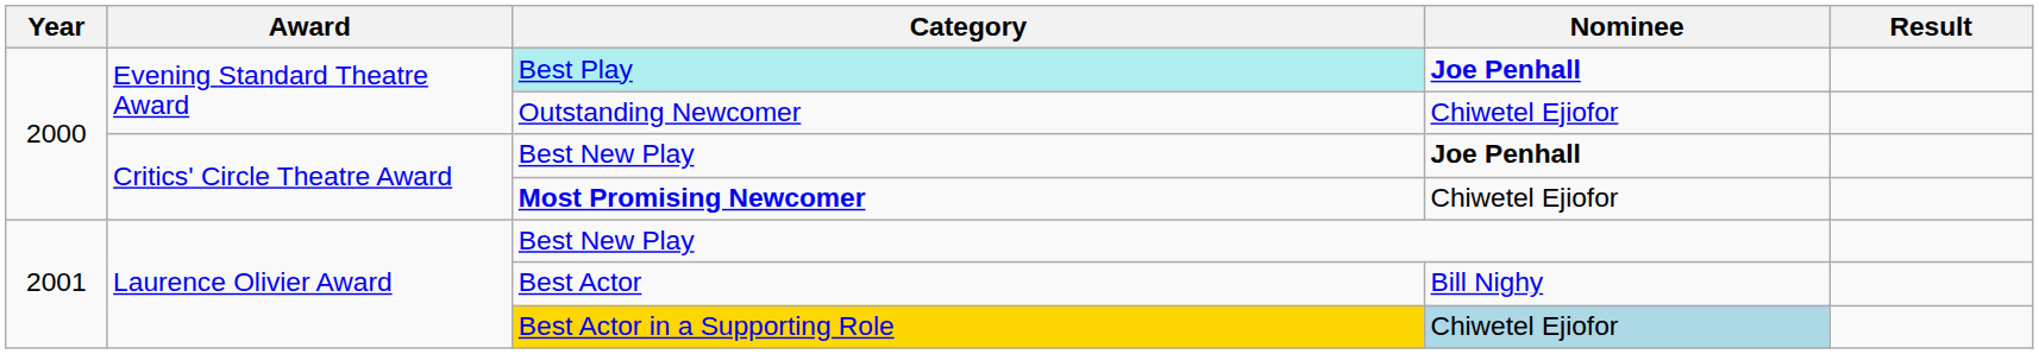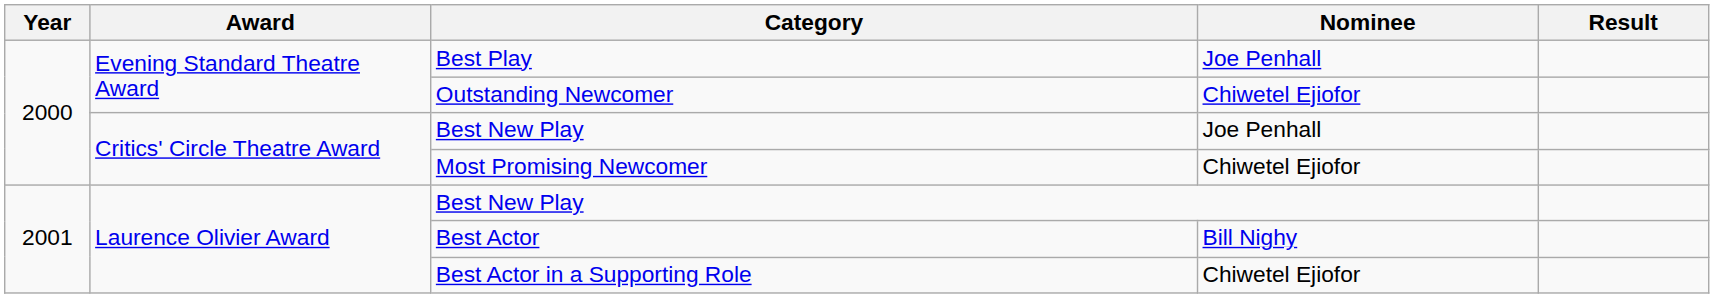 <table class="wikitable" width="95%">
 <tr>
 <th width="5%">Year</th>
 <th width="20%">Award</th>
 <th width="45%">Category</th>
 <th width="20%">Nominee</th>
 <th width="10%">Result</th>
 </tr>
 <tr>
 <td rowspan="4" style="text-align: center;">2000</td>
 <td rowspan="2"><a href='#'>Evening Standard Theatre Award</a></td>
-<td style="background: paleturquoise;"><a href='#'>Best Play</a></td>
-<td><strong><a href='#'>Joe Penhall</a></strong></td>
+<td><a href='#'>Best Play</a></td>
+<td><a href='#'>Joe Penhall</a></td>
 <td></td>
 </tr>
 <tr>
 <td><a href='#'>Outstanding Newcomer</a></td>
 <td><a href='#'>Chiwetel Ejiofor</a></td>
 <td></td>
 </tr>
 <tr>
 <td rowspan="2"><a href='#'>Critics' Circle Theatre Award</a></td>
 <td><a href='#'>Best New Play</a></td>
-<td><strong>Joe Penhall</strong></td>
+<td>Joe Penhall</td>
 <td></td>
 </tr>
 <tr>
-<td><strong><a href='#'>Most Promising Newcomer</a></strong></td>
+<td><a href='#'>Most Promising Newcomer</a></td>
 <td>Chiwetel Ejiofor</td>
 <td></td>
 </tr>
 <tr>
 <td rowspan="3" style="text-align: center;">2001</td>
 <td rowspan="3"><a href='#'>Laurence Olivier Award</a></td>
 <td colspan="2"><a href='#'>Best New Play</a></td>
 <td></td>
 </tr>
 <tr>
 <td><a href='#'>Best Actor</a></td>
 <td><a href='#'>Bill Nighy</a></td>
 <td></td>
 </tr>
 <tr>
-<td style="background: gold;"><a href='#'>Best Actor in a Supporting Role</a></td>
-<td style="background: lightblue;">Chiwetel Ejiofor</td>
+<td><a href='#'>Best Actor in a Supporting Role</a></td>
+<td>Chiwetel Ejiofor</td>
 <td></td>
 </tr>
 </table>
